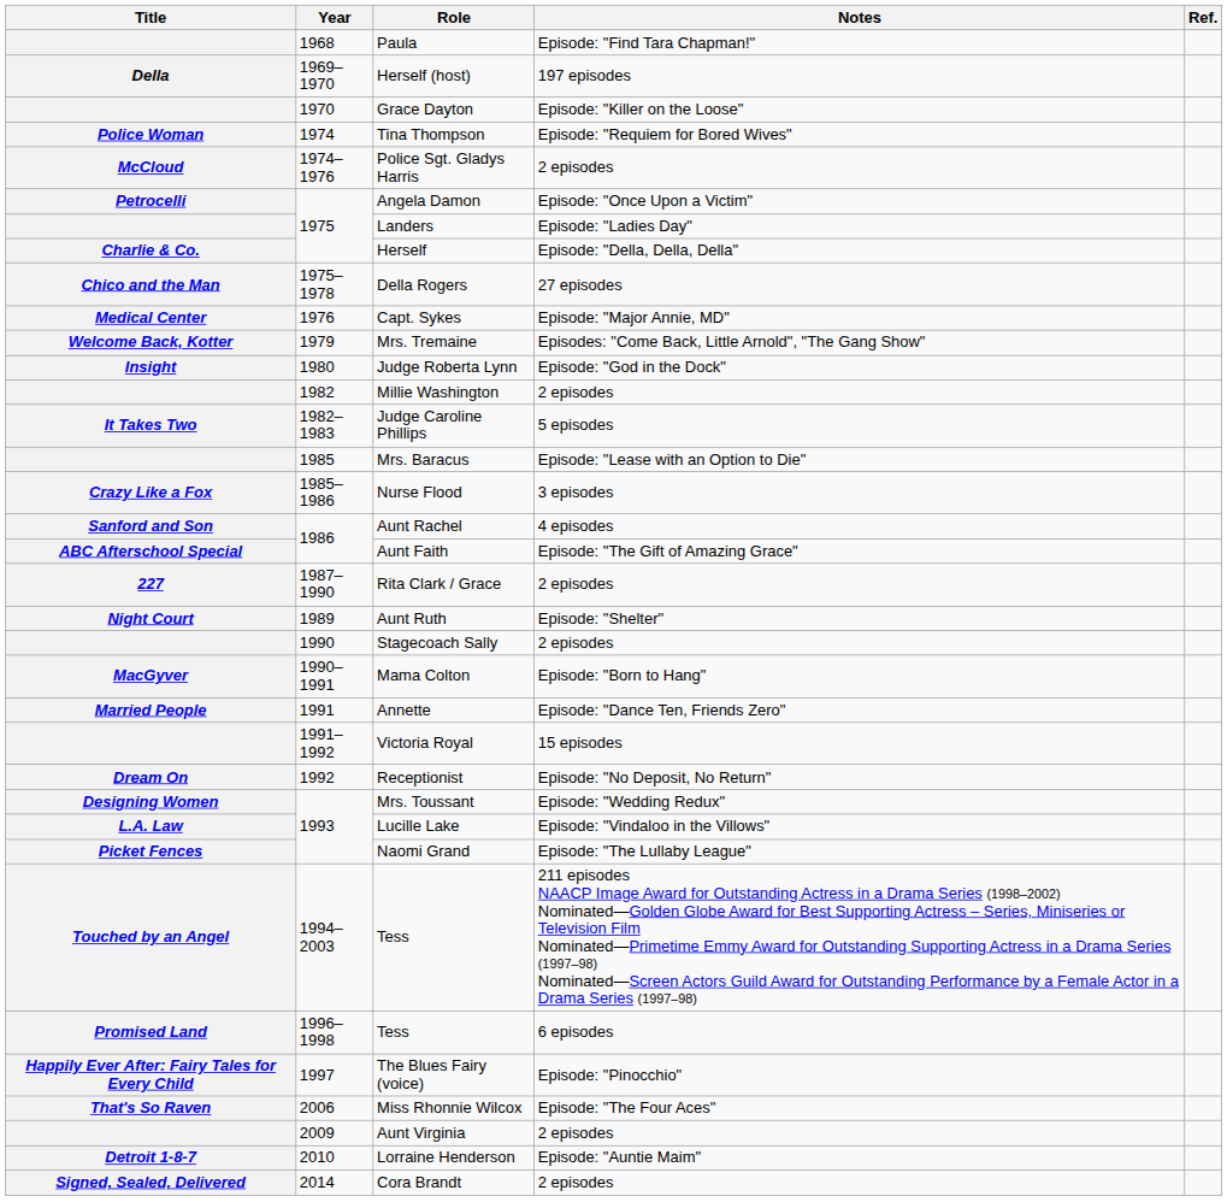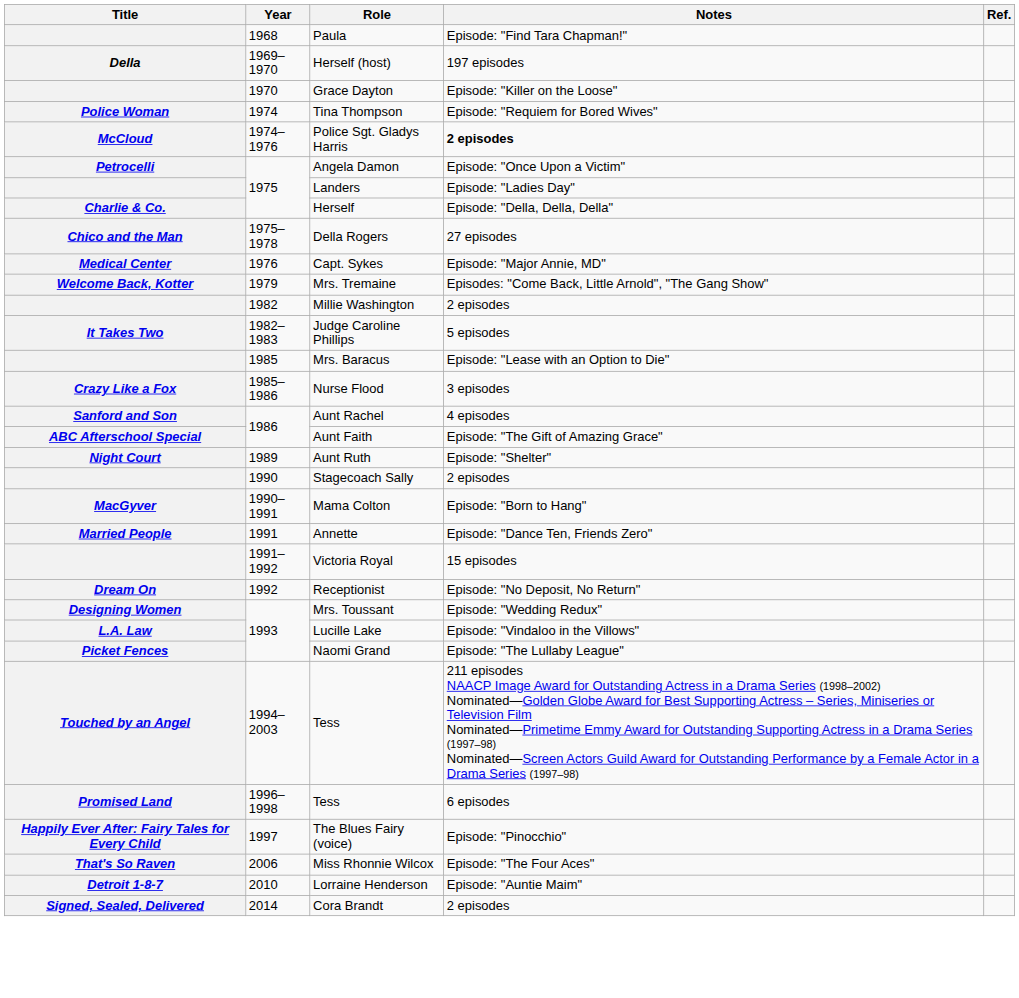 <table class="wikitable sortable plainrowheaders">
 <tr>
 <th scope="col">Title</th>
 <th scope="col">Year</th>
 <th scope="col">Role</th>
 <th scope="col" class="unsortable">Notes</th>
 <th scope="col" class="unsortable">Ref.</th>
 </tr>
 <tr>
 <th scope="row"><em></em></th>
 <td>1968</td>
 <td>Paula</td>
 <td>Episode: "Find Tara Chapman!"</td>
 <td></td>
 </tr>
 <tr>
 <th scope="row"><em>Della</em></th>
 <td>1969–1970</td>
 <td>Herself (host)</td>
 <td>197 episodes</td>
 <td></td>
 </tr>
 <tr>
 <th scope="row"><em></em></th>
 <td>1970</td>
 <td>Grace Dayton</td>
 <td>Episode: "Killer on the Loose"</td>
 <td></td>
 </tr>
 <tr>
 <th scope="row"><em><a href='#'>Police Woman</a></em></th>
 <td>1974</td>
 <td>Tina Thompson</td>
 <td>Episode: "Requiem for Bored Wives"</td>
 <td></td>
 </tr>
 <tr>
 <th scope="row"><em><a href='#'>McCloud</a></em></th>
 <td>1974–1976</td>
 <td>Police Sgt. Gladys Harris</td>
-<td>2 episodes</td>
+<td><strong>2 episodes</strong></td>
 <td></td>
 </tr>
 <tr>
 <th scope="row"><em><a href='#'>Petrocelli</a></em></th>
 <td rowspan="3">1975</td>
 <td>Angela Damon</td>
 <td>Episode: "Once Upon a Victim"</td>
 <td></td>
 </tr>
 <tr>
 <th scope="row"><em></em></th>
 <td>Landers</td>
 <td>Episode: "Ladies Day"</td>
 <td></td>
 </tr>
 <tr>
 <th scope="row"><em><a href='#'>Charlie & Co.</a></em></th>
 <td>Herself</td>
 <td>Episode: "Della, Della, Della"</td>
 <td></td>
 </tr>
 <tr>
 <th scope="row"><em><a href='#'>Chico and the Man</a></em></th>
 <td>1975–1978</td>
 <td>Della Rogers</td>
 <td>27 episodes</td>
 <td></td>
 </tr>
 <tr>
 <th scope="row"><em><a href='#'>Medical Center</a></em></th>
 <td>1976</td>
 <td>Capt. Sykes</td>
 <td>Episode: "Major Annie, MD"</td>
 <td></td>
 </tr>
 <tr>
 <th scope="row"><em><a href='#'>Welcome Back, Kotter</a></em></th>
 <td>1979</td>
 <td>Mrs. Tremaine</td>
 <td>Episodes: "Come Back, Little Arnold", "The Gang Show"</td>
 <td></td>
 </tr>
 <tr>
-<th scope="row"><em><a href='#'>Insight</a></em></th>
-<td>1980</td>
-<td>Judge Roberta Lynn</td>
-<td>Episode: "God in the Dock"</td>
-<td></td>
-</tr>
-<tr>
 <th scope="row"><em></em></th>
 <td>1982</td>
 <td>Millie Washington</td>
 <td>2 episodes</td>
 <td></td>
 </tr>
 <tr>
 <th scope="row"><em><a href='#'>It Takes Two</a></em></th>
 <td>1982–1983</td>
 <td>Judge Caroline Phillips</td>
 <td>5 episodes</td>
 <td></td>
 </tr>
 <tr>
 <th scope="row"><em></em></th>
 <td>1985</td>
 <td>Mrs. Baracus</td>
 <td>Episode: "Lease with an Option to Die"</td>
 <td></td>
 </tr>
 <tr>
 <th scope="row"><em><a href='#'>Crazy Like a Fox</a></em></th>
 <td>1985–1986</td>
 <td>Nurse Flood</td>
 <td>3 episodes</td>
 <td></td>
 </tr>
 <tr>
 <th scope="row"><em><a href='#'>Sanford and Son</a></em></th>
 <td rowspan="2">1986</td>
 <td>Aunt Rachel</td>
 <td>4 episodes</td>
 <td></td>
 </tr>
 <tr>
 <th scope="row"><em><a href='#'>ABC Afterschool Special</a></em></th>
 <td>Aunt Faith</td>
 <td>Episode: "The Gift of Amazing Grace"</td>
-<td></td>
-</tr>
-<tr>
-<th scope="row"><em><a href='#'>227</a></em></th>
-<td>1987–1990</td>
-<td>Rita Clark / Grace</td>
-<td>2 episodes</td>
 <td></td>
 </tr>
 <tr>
 <th scope="row"><em><a href='#'>Night Court</a></em></th>
 <td>1989</td>
 <td>Aunt Ruth</td>
 <td>Episode: "Shelter"</td>
 <td></td>
 </tr>
 <tr>
 <th scope="row"><em></em></th>
 <td>1990</td>
 <td>Stagecoach Sally</td>
 <td>2 episodes</td>
 <td></td>
 </tr>
 <tr>
 <th scope="row"><em><a href='#'>MacGyver</a></em></th>
 <td>1990–1991</td>
 <td>Mama Colton</td>
 <td>Episode: "Born to Hang"</td>
 <td></td>
 </tr>
 <tr>
 <th scope="row"><em><a href='#'>Married People</a></em></th>
 <td>1991</td>
 <td>Annette</td>
 <td>Episode: "Dance Ten, Friends Zero"</td>
 <td></td>
 </tr>
 <tr>
 <th scope="row"><em></em></th>
 <td>1991–1992</td>
 <td>Victoria Royal</td>
 <td>15 episodes</td>
 <td></td>
 </tr>
 <tr>
 <th scope="row"><em><a href='#'>Dream On</a></em></th>
 <td>1992</td>
 <td>Receptionist</td>
 <td>Episode: "No Deposit, No Return"</td>
 <td></td>
 </tr>
 <tr>
 <th scope="row"><em><a href='#'>Designing Women</a></em></th>
 <td rowspan="3">1993</td>
 <td>Mrs. Toussant</td>
 <td>Episode: "Wedding Redux"</td>
 <td></td>
 </tr>
 <tr>
 <th scope="row"><em><a href='#'>L.A. Law</a></em></th>
 <td>Lucille Lake</td>
 <td>Episode: "Vindaloo in the Villows"</td>
 <td></td>
 </tr>
 <tr>
 <th scope="row"><em><a href='#'>Picket Fences</a></em></th>
 <td>Naomi Grand</td>
 <td>Episode: "The Lullaby League"</td>
 <td></td>
 </tr>
 <tr>
 <th scope="row"><em><a href='#'>Touched by an Angel</a></em></th>
 <td>1994–2003</td>
 <td>Tess</td>
 <td>211 episodes<br><a href='#'>NAACP Image Award for Outstanding Actress in a Drama Series</a> <small>(1998–2002)</small><br>Nominated—<a href='#'>Golden Globe Award for Best Supporting Actress – Series, Miniseries or Television Film</a><br>Nominated—<a href='#'>Primetime Emmy Award for Outstanding Supporting Actress in a Drama Series</a> <small>(1997–98)</small><br>Nominated—<a href='#'>Screen Actors Guild Award for Outstanding Performance by a Female Actor in a Drama Series</a> <small>(1997–98)</small></td>
 <td></td>
 </tr>
 <tr>
 <th scope="row"><em><a href='#'>Promised Land</a></em></th>
 <td>1996–1998</td>
 <td>Tess</td>
 <td>6 episodes</td>
 <td></td>
 </tr>
 <tr>
 <th scope="row"><em><a href='#'>Happily Ever After: Fairy Tales for Every Child</a></em></th>
 <td>1997</td>
 <td>The Blues Fairy (voice)</td>
 <td>Episode: "Pinocchio"</td>
 <td></td>
 </tr>
 <tr>
 <th scope="row"><em><a href='#'>That's So Raven</a></em></th>
 <td>2006</td>
 <td>Miss Rhonnie Wilcox</td>
 <td>Episode: "The Four Aces"</td>
 <td></td>
 </tr>
 <tr>
-<th scope="row"><em></em></th>
-<td>2009</td>
-<td>Aunt Virginia</td>
-<td>2 episodes</td>
-<td></td>
-</tr>
-<tr>
 <th scope="row"><em><a href='#'>Detroit 1-8-7</a></em></th>
 <td>2010</td>
 <td>Lorraine Henderson</td>
 <td>Episode: "Auntie Maim"</td>
 <td></td>
 </tr>
 <tr>
 <th scope="row"><em><a href='#'>Signed, Sealed, Delivered</a></em></th>
 <td>2014</td>
 <td>Cora Brandt</td>
 <td>2 episodes</td>
 <td></td>
 </tr>
 </table>
